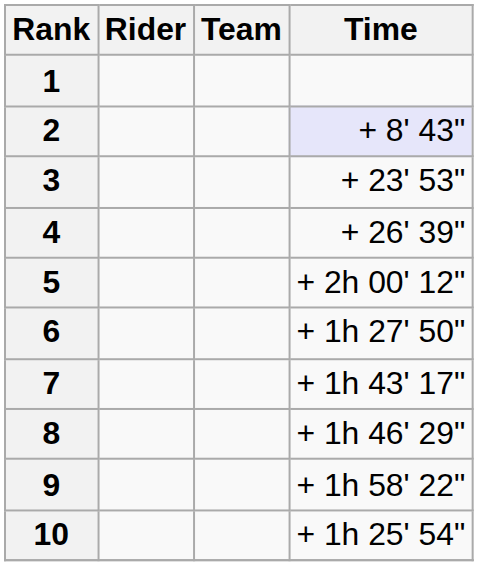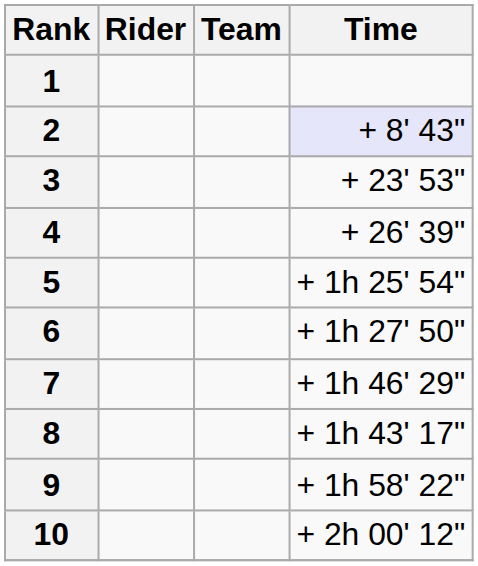 <table class="wikitable">
 <tr>
 <th scope="col">Rank</th>
 <th scope="col">Rider</th>
 <th scope="col">Team</th>
 <th scope="col">Time</th>
 </tr>
 <tr>
 <th scope=“row”>1</th>
 <td>  </td>
 <td></td>
 <td align="right"></td>
 </tr>
 <tr>
 <th scope=“row”>2</th>
 <td></td>
 <td></td>
 <td align="right" style="background: lavender;">+ 8' 43"</td>
 </tr>
 <tr>
 <th scope=“row”>3</th>
 <td></td>
 <td></td>
 <td align="right">+ 23' 53"</td>
 </tr>
 <tr>
 <th scope=“row”>4</th>
 <td></td>
 <td></td>
 <td align="right">+ 26' 39"</td>
 </tr>
 <tr>
 <th scope=“row”>5</th>
 <td></td>
 <td></td>
-<td align="right">+  2h 00' 12"</td>
+<td align="right">+ 1h 25' 54"</td>
 </tr>
 <tr>
 <th scope=“row”>6</th>
 <td></td>
 <td></td>
 <td align="right">+ 1h 27' 50"</td>
 </tr>
 <tr>
 <th scope=“row”>7</th>
 <td></td>
 <td></td>
-<td align="right">+ 1h 43' 17"</td>
+<td align="right">+ 1h 46' 29"</td>
 </tr>
 <tr>
 <th scope=“row”>8</th>
 <td></td>
 <td></td>
-<td align="right">+ 1h 46' 29"</td>
+<td align="right">+ 1h 43' 17"</td>
 </tr>
 <tr>
 <th scope=“row”>9</th>
 <td></td>
 <td></td>
 <td align="right">+ 1h 58' 22"</td>
 </tr>
 <tr>
 <th scope=“row”>10</th>
 <td></td>
 <td></td>
-<td align="right">+ 1h 25' 54"</td>
+<td align="right">+  2h 00' 12"</td>
 </tr>
 <tr>
 </tr>
 </table>
